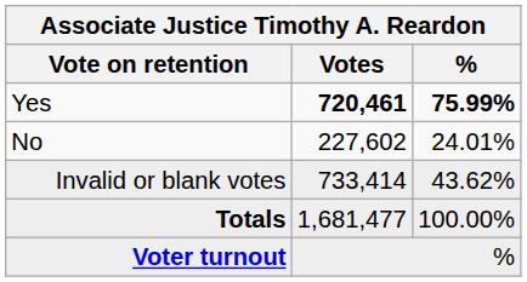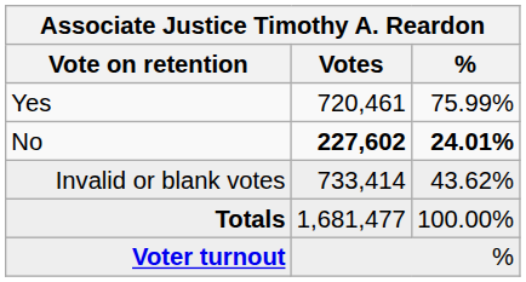 <table class="wikitable" style="font-size: 95%;">
 <tr style="background-color:#E9E9E9">
 <th colspan=7>Associate Justice Timothy A. Reardon</th>
 </tr>
 <tr style="background-color:#E9E9E9">
 <th style="width: 170px">Vote on retention</th>
 <th style="width: 50px">Votes</th>
 <th style="width: 40px">%</th>
 </tr>
 <tr>
 <td>Yes</td>
-<td align="right"><strong>720,461</strong></td>
-<td align="right"><strong>75.99%</strong></td>
+<td align="right">720,461</td>
+<td align="right">75.99%</td>
 </tr>
 <tr>
 <td>No</td>
-<td align="right">227,602</td>
-<td align="right">24.01%</td>
+<td align="right"><strong>227,602</strong></td>
+<td align="right"><strong>24.01%</strong></td>
 </tr>
 <tr style="background-color:#EEEEEE">
 <td align="right">Invalid or blank votes</td>
 <td align="right">733,414</td>
 <td align="right">43.62%</td>
 </tr>
 <tr style="background-color:#EEEEEE">
 <td colspan="1" align="right"><strong>Totals</strong></td>
 <td align="right">1,681,477</td>
 <td align="right">100.00%</td>
 </tr>
 <tr style="background-color:#EEEEEE">
 <td align="right"><strong><a href='#'>Voter turnout</a></strong></td>
 <td colspan="2" align="right">%</td>
 </tr>
 </table>
